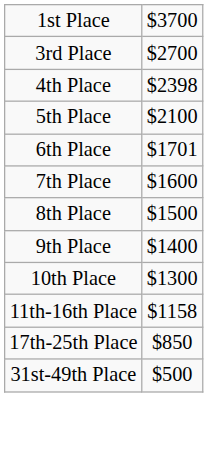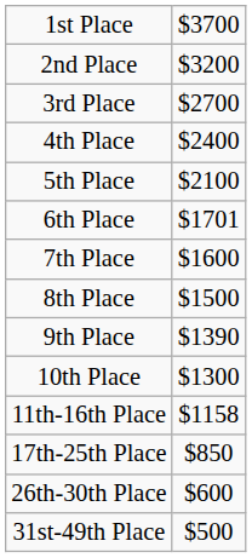 <table class="wikitable" style="text-align: center">
 <tr>
 <td>1st Place</td>
 <td>$3700</td>
+</tr>
+<tr>
+<td>2nd Place</td>
+<td>$3200</td>
 </tr>
 <tr>
 <td>3rd Place</td>
 <td>$2700</td>
 </tr>
 <tr>
 <td>4th Place</td>
-<td>$2398</td>
+<td>$2400</td>
 </tr>
 <tr>
 <td>5th Place</td>
 <td>$2100</td>
 </tr>
 <tr>
 <td>6th Place</td>
 <td>$1701</td>
 </tr>
 <tr>
 <td>7th Place</td>
 <td>$1600</td>
 </tr>
 <tr>
 <td>8th Place</td>
 <td>$1500</td>
 </tr>
 <tr>
 <td>9th Place</td>
-<td>$1400</td>
+<td>$1390</td>
 </tr>
 <tr>
 <td>10th Place</td>
 <td>$1300</td>
 </tr>
 <tr>
 <td>11th-16th Place</td>
 <td>$1158</td>
 </tr>
 <tr>
 <td>17th-25th Place</td>
 <td>$850</td>
 </tr>
 <tr>
+<td>26th-30th Place</td>
+<td>$600</td>
+</tr>
+<tr>
 <td>31st-49th Place</td>
 <td>$500</td>
 </tr>
 </table>
